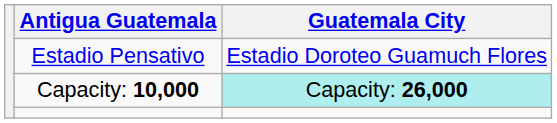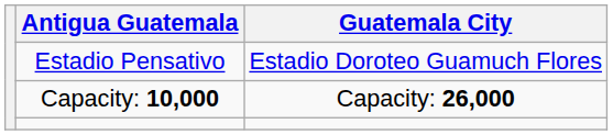 <table class="wikitable" style="text-align:center">
 <tr>
 <th rowspan="4"></th>
 <th><a href='#'>Antigua Guatemala</a></th>
 <th><a href='#'>Guatemala City</a></th>
 </tr>
 <tr>
 <td><a href='#'>Estadio Pensativo</a></td>
 <td><a href='#'>Estadio Doroteo Guamuch Flores</a></td>
 </tr>
 <tr>
 <td>Capacity: <strong>10,000</strong></td>
-<td style="background: paleturquoise;">Capacity: <strong>26,000</strong></td>
+<td>Capacity: <strong>26,000</strong></td>
 </tr>
 <tr>
 <td></td>
 <td></td>
 </tr>
 </table>
